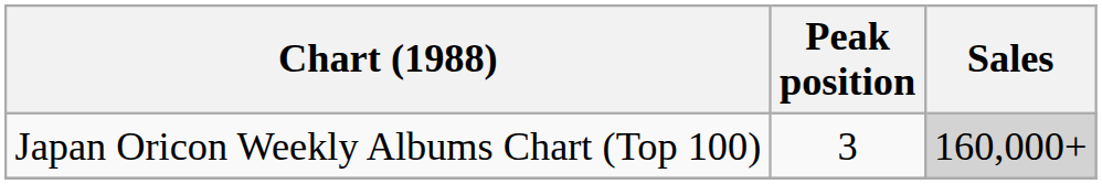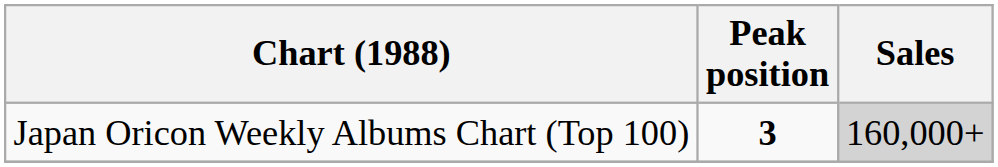 <table class="wikitable">
 <tr>
 <th>Chart (1988)</th>
 <th>Peak<br>position</th>
 <th>Sales</th>
 </tr>
 <tr>
 <td>Japan Oricon Weekly Albums Chart (Top 100)</td>
-<td align=center>3</td>
+<td align=center><strong>3</strong></td>
 <td align=center style="background: lightgrey;">160,000+</td>
 </tr>
 <tr>
 </tr>
 </table>
